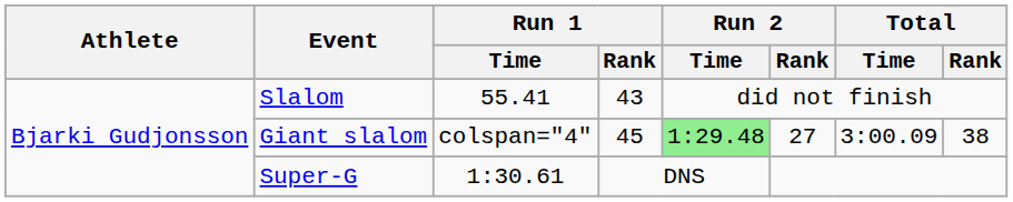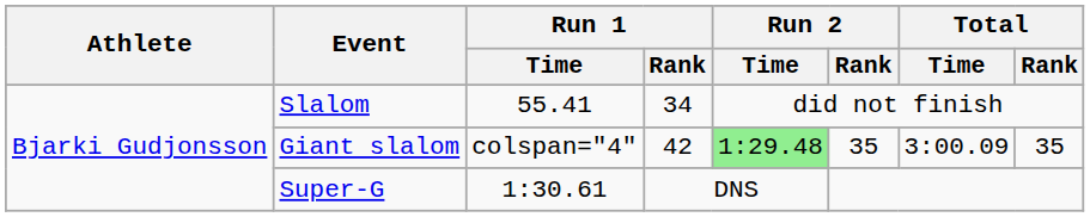 <table class="wikitable" style="font-size:90%">
 <tr>
 <th rowspan=2>Athlete</th>
 <th rowspan=2>Event</th>
 <th colspan=2>Run 1</th>
 <th colspan=2>Run 2</th>
 <th colspan=2>Total</th>
 </tr>
 <tr style="font-size:95%">
 <th>Time</th>
 <th>Rank</th>
 <th>Time</th>
 <th>Rank</th>
 <th>Time</th>
 <th>Rank</th>
 </tr>
 <tr align=center>
 <td align="left" rowspan="3"><a href='#'>Bjarki Gudjonsson</a></td>
 <td align="left"><a href='#'>Slalom</a></td>
 <td>55.41</td>
-<td>43</td>
+<td>34</td>
 <td colspan=4>did not finish</td>
 </tr>
 <tr align=center>
 <td align="left"><a href='#'>Giant slalom</a></td>
 <td>colspan="4" </td>
-<td>45</td>
+<td>42</td>
 <td style="background: lightgreen;">1:29.48</td>
-<td>27</td>
+<td>35</td>
 <td>3:00.09</td>
-<td>38</td>
+<td>35</td>
 </tr>
 <tr align=center>
 <td align="left"><a href='#'>Super-G</a></td>
 <td>1:30.61</td>
 <td colspan=2>DNS</td>
 </tr>
 </table>
